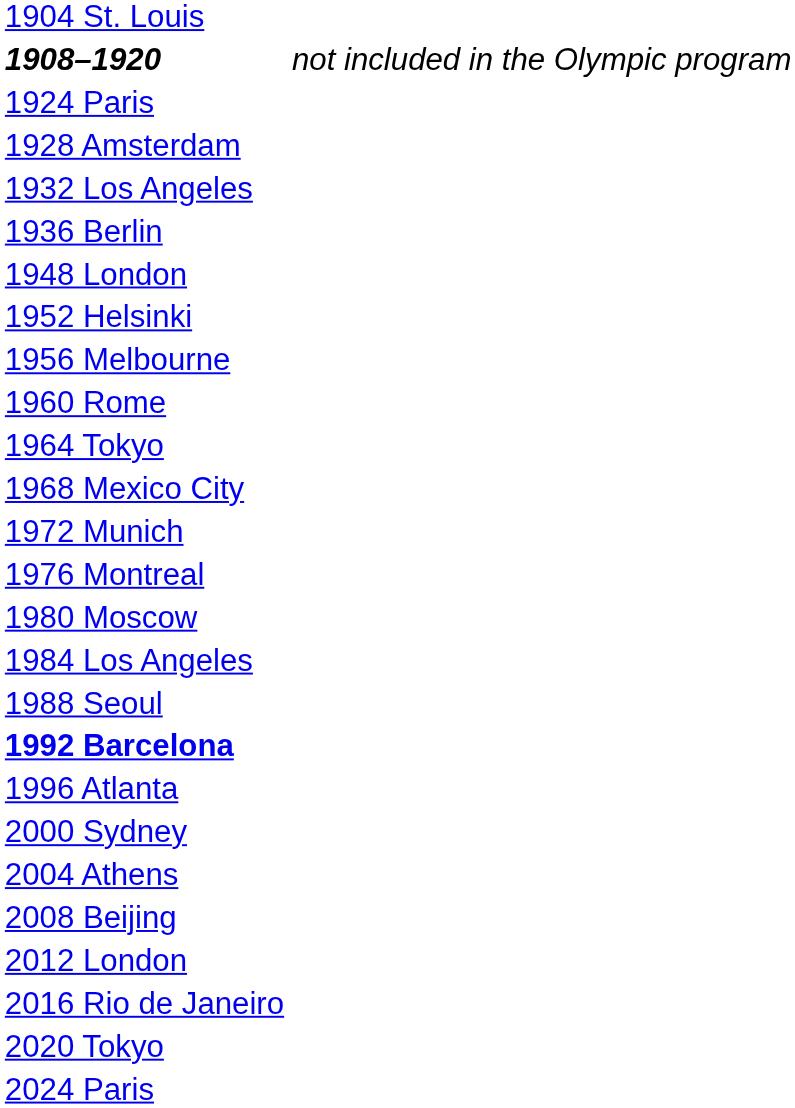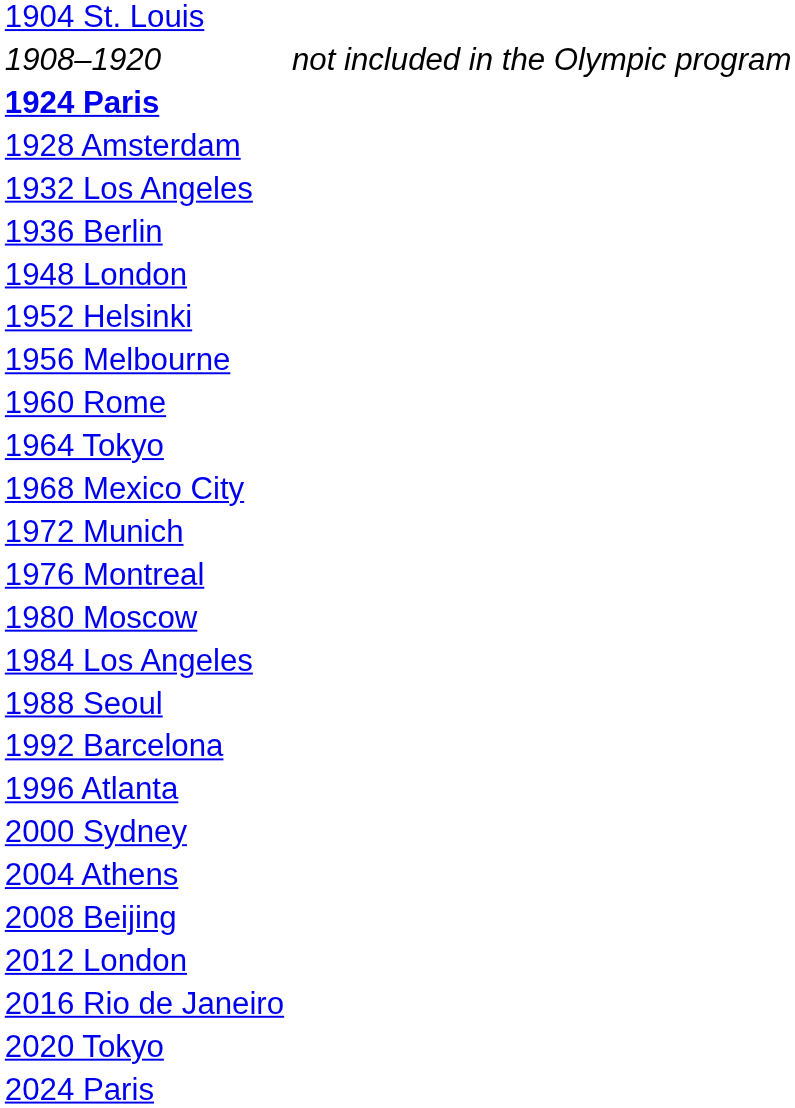 <table>
 <tr>
 <td><a href='#'>1904 St. Louis</a><br></td>
 <td></td>
 <td></td>
 <td></td>
 </tr>
 <tr>
-<td><strong><em>1908–1920</em></strong></td>
+<td><em>1908–1920</em></td>
 <td colspan=3 align=center><em>not included in the Olympic program</em></td>
 </tr>
 <tr>
-<td><a href='#'>1924 Paris</a><br></td>
+<td><strong><a href='#'>1924 Paris</a><br></strong></td>
 <td></td>
 <td></td>
 <td></td>
 </tr>
 <tr>
 <td><a href='#'>1928 Amsterdam</a><br></td>
 <td></td>
 <td></td>
 <td></td>
 </tr>
 <tr>
 <td><a href='#'>1932 Los Angeles</a><br></td>
 <td></td>
 <td></td>
 <td></td>
 </tr>
 <tr>
 <td><a href='#'>1936 Berlin</a><br></td>
 <td></td>
 <td></td>
 <td></td>
 </tr>
 <tr>
 <td><a href='#'>1948 London</a><br></td>
 <td></td>
 <td></td>
 <td></td>
 </tr>
 <tr>
 <td><a href='#'>1952 Helsinki</a><br></td>
 <td></td>
 <td></td>
 <td></td>
 </tr>
 <tr>
 <td><a href='#'>1956 Melbourne</a><br></td>
 <td></td>
 <td></td>
 <td></td>
 </tr>
 <tr>
 <td><a href='#'>1960 Rome</a><br></td>
 <td></td>
 <td></td>
 <td></td>
 </tr>
 <tr>
 <td><a href='#'>1964 Tokyo</a><br></td>
 <td></td>
 <td></td>
 <td></td>
 </tr>
 <tr>
 <td><a href='#'>1968 Mexico City</a><br></td>
 <td></td>
 <td></td>
 <td></td>
 </tr>
 <tr>
 <td><a href='#'>1972 Munich</a><br></td>
 <td></td>
 <td></td>
 <td></td>
 </tr>
 <tr>
 <td><a href='#'>1976 Montreal</a><br></td>
 <td></td>
 <td></td>
 <td></td>
 </tr>
 <tr>
 <td><a href='#'>1980 Moscow</a><br></td>
 <td></td>
 <td></td>
 <td></td>
 </tr>
 <tr>
 <td><a href='#'>1984 Los Angeles</a><br></td>
 <td></td>
 <td></td>
 <td></td>
 </tr>
 <tr>
 <td><a href='#'>1988 Seoul</a><br></td>
 <td></td>
 <td></td>
 <td></td>
 </tr>
 <tr>
-<td><strong><a href='#'>1992 Barcelona</a><br></strong></td>
+<td><a href='#'>1992 Barcelona</a><br></td>
 <td></td>
 <td></td>
 <td></td>
 </tr>
 <tr>
 <td><a href='#'>1996 Atlanta</a><br></td>
 <td></td>
 <td></td>
 <td></td>
 </tr>
 <tr>
 <td><a href='#'>2000 Sydney</a><br></td>
 <td></td>
 <td></td>
 <td></td>
 </tr>
 <tr>
 <td><a href='#'>2004 Athens</a><br></td>
 <td></td>
 <td></td>
 <td></td>
 </tr>
 <tr>
 <td rowspan="2"><a href='#'>2008 Beijing</a><br></td>
 <td rowspan="2"></td>
 <td rowspan="2"></td>
 <td></td>
 </tr>
 <tr>
 <td></td>
 </tr>
 <tr>
 <td rowspan="2"><a href='#'>2012 London</a><br></td>
 <td rowspan="2"></td>
 <td rowspan="2"></td>
 <td></td>
 </tr>
 <tr>
 <td></td>
 </tr>
 <tr>
 <td rowspan="2"><a href='#'>2016 Rio de Janeiro</a><br></td>
 <td rowspan="2"></td>
 <td rowspan="2"></td>
 <td></td>
 </tr>
 <tr>
 <td></td>
 </tr>
 <tr>
 <td rowspan="2"><a href='#'>2020 Tokyo</a><br></td>
 <td rowspan="2"></td>
 <td rowspan="2"></td>
 <td></td>
 </tr>
 <tr>
 <td></td>
 </tr>
 <tr>
 <td rowspan="2"><a href='#'>2024 Paris</a><br></td>
 <td rowspan=2></td>
 <td rowspan=2></td>
 <td></td>
 </tr>
 <tr>
 <td></td>
 </tr>
 </table>
